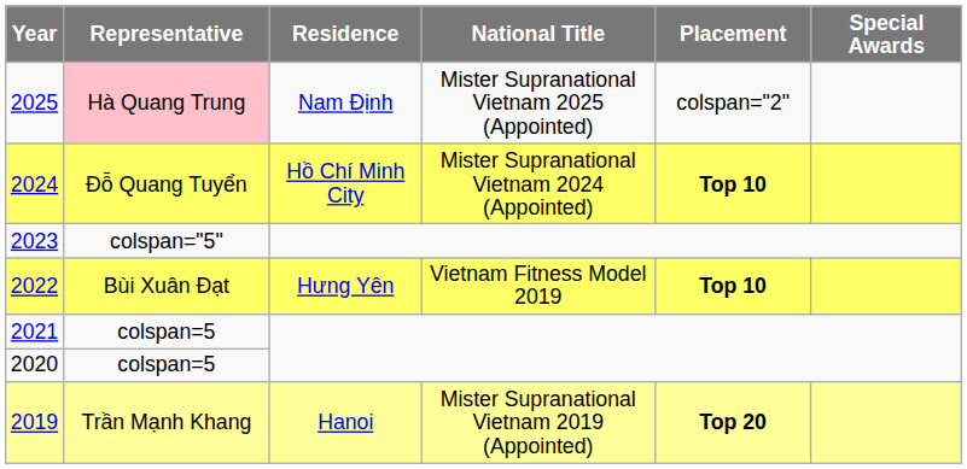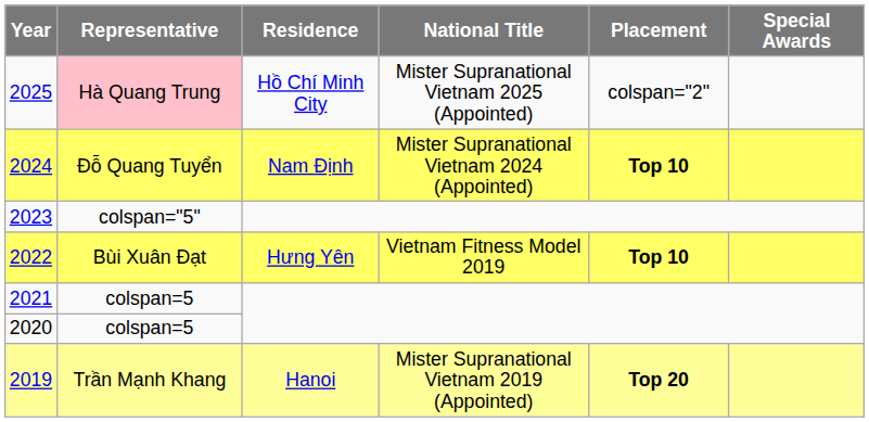 <table class="wikitable sortable" style="font-size: 85%; text-align:center">
 <tr>
 <th width="30" style="background-color:#787878;color:#FFFFFF;">Year</th>
 <th width="200" style="background-color:#787878;color:#FFFFFF;">Representative</th>
 <th width="150" style="background-color:#787878;color:#FFFFFF;">Residence</th>
 <th width="300" style="background-color:#787878;color:#FFFFFF;">National Title</th>
 <th width="150" style="background-color:#787878;color:#FFFFFF;">Placement</th>
 <th width="200" style="background-color:#787878;color:#FFFFFF;">Special Awards</th>
 </tr>
 <tr>
 <td><a href='#'>2025</a></td>
 <td style="background: pink;">Hà Quang Trung</td>
-<td><a href='#'>Nam Định</a></td>
+<td><a href='#'>Hồ Chí Minh City</a></td>
 <td>Mister Supranational Vietnam 2025 (Appointed)</td>
 <td>colspan="2" </td>
 </tr>
 <tr style="background-color:#FFFF66; : bold">
 <td><a href='#'>2024</a></td>
 <td>Đỗ Quang Tuyển</td>
-<td><a href='#'>Hồ Chí Minh City</a></td>
+<td><a href='#'>Nam Định</a></td>
 <td>Mister Supranational Vietnam 2024 (Appointed)</td>
 <td><strong>Top 10</strong></td>
 <td style="background:;"></td>
 </tr>
 <tr>
 <td><a href='#'>2023</a></td>
 <td>colspan="5" </td>
 </tr>
 <tr style="background-color:#FFFF66; : bold">
 <td><a href='#'>2022</a></td>
 <td>Bùi Xuân Đạt</td>
 <td><a href='#'>Hưng Yên</a></td>
 <td>Vietnam Fitness Model 2019</td>
 <td><strong>Top 10</strong></td>
 <td style="background:;"></td>
 </tr>
 <tr>
 <td><a href='#'>2021</a></td>
 <td>colspan=5 </td>
 </tr>
 <tr>
 <td>2020</td>
 <td>colspan=5 </td>
 </tr>
 <tr style="background-color:#FFFF99; : bold">
 <td><a href='#'>2019</a></td>
 <td>Trần Mạnh Khang</td>
 <td><a href='#'>Hanoi</a></td>
 <td>Mister Supranational Vietnam 2019 (Appointed)</td>
 <td><strong>Top 20</strong></td>
 <td style="background:;"></td>
 </tr>
 </table>
